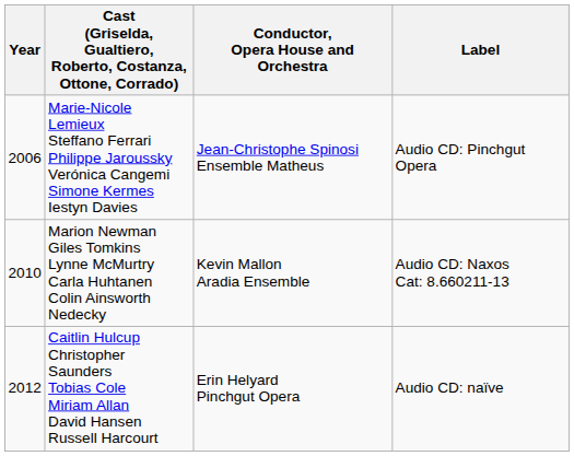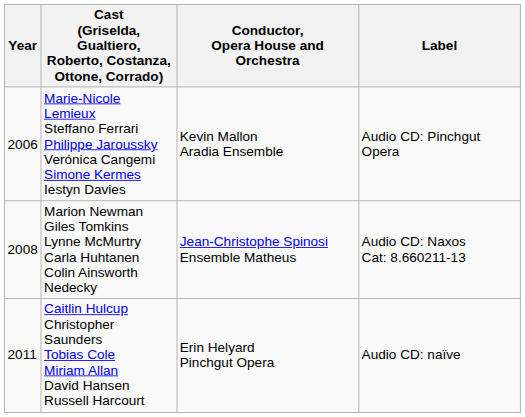 <table class="wikitable">
 <tr>
 <th>Year</th>
 <th>Cast <br>(Griselda, Gualtiero,<br>Roberto, Costanza,<br> Ottone, Corrado)</th>
 <th>Conductor,<br>Opera House and Orchestra</th>
 <th>Label</th>
 </tr>
 <tr>
 <td>2006</td>
 <td><a href='#'>Marie-Nicole Lemieux</a><br>Steffano Ferrari<br><a href='#'>Philippe Jaroussky</a>  <br>Verónica Cangemi<br><a href='#'>Simone Kermes</a><br>Iestyn Davies</td>
-<td><a href='#'>Jean-Christophe Spinosi</a><br>Ensemble Matheus</td>
+<td>Kevin Mallon <br>Aradia Ensemble</td>
 <td>Audio CD: Pinchgut Opera</td>
 </tr>
 <tr>
-<td>2010</td>
+<td>2008</td>
 <td>Marion Newman<br>Giles Tomkins<br>Lynne McMurtry<br>Carla Huhtanen<br>Colin Ainsworth<br>Nedecky</td>
-<td>Kevin Mallon <br>Aradia Ensemble</td>
+<td><a href='#'>Jean-Christophe Spinosi</a><br>Ensemble Matheus</td>
 <td>Audio CD: Naxos<br>Cat: 8.660211-13</td>
 </tr>
 <tr>
-<td>2012</td>
+<td>2011</td>
 <td><a href='#'>Caitlin Hulcup</a><br>Christopher Saunders<br><a href='#'>Tobias Cole</a>  <br><a href='#'>Miriam Allan</a><br>David Hansen<br>Russell Harcourt</td>
 <td>Erin Helyard<br>Pinchgut Opera</td>
 <td>Audio CD: naïve</td>
 </tr>
 </table>
